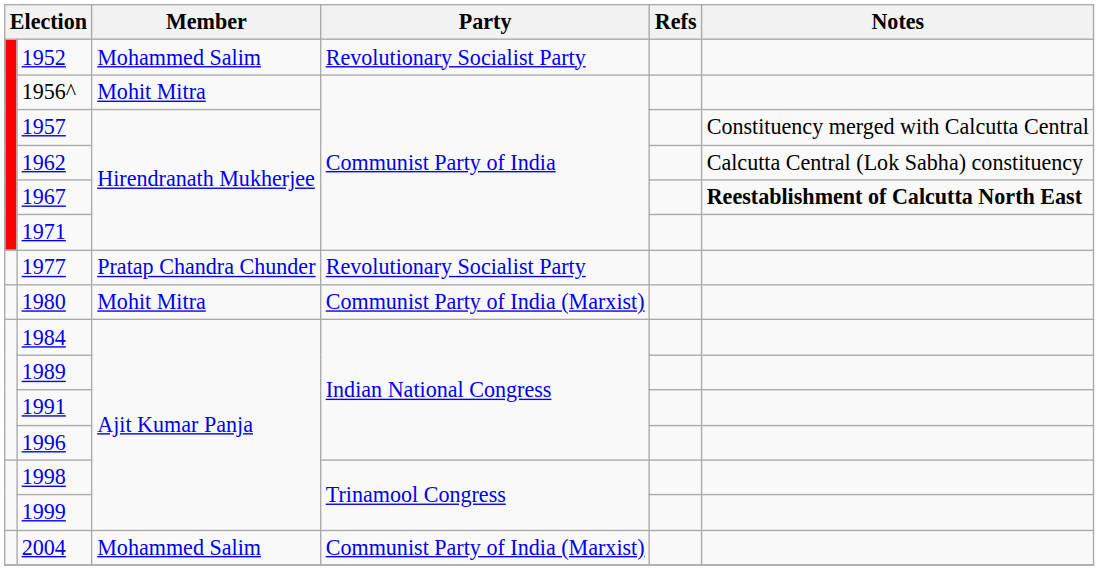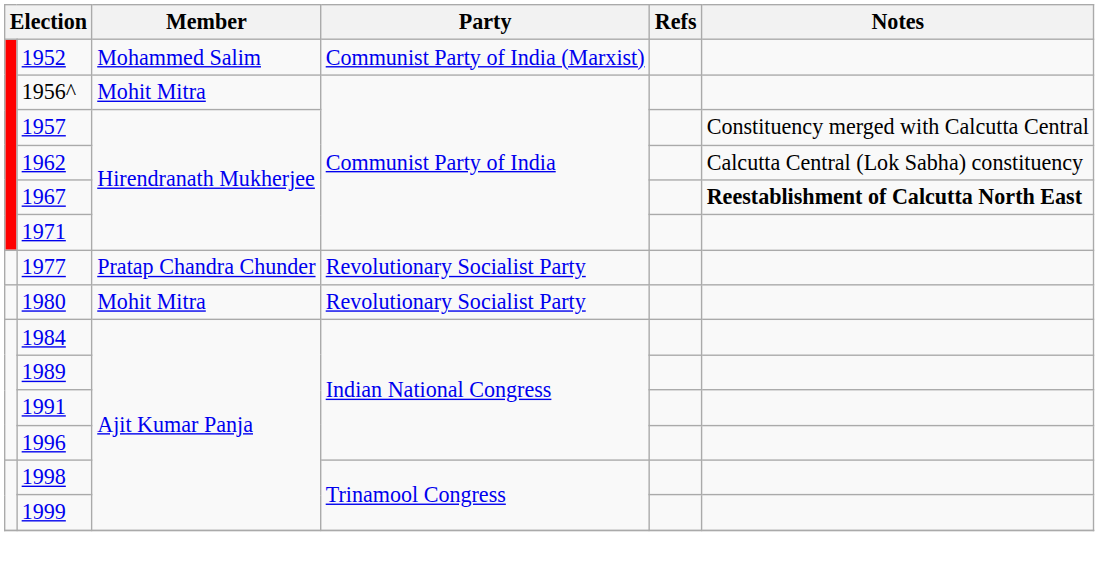 <table class="wikitable">
 <tr>
 <th colspan="2">Election</th>
 <th>Member</th>
 <th>Party</th>
 <th>Refs</th>
 <th>Notes</th>
 </tr>
 <tr>
 <td rowspan="6" style="background-color: red"></td>
 <td><a href='#'>1952</a></td>
 <td><a href='#'>Mohammed Salim</a></td>
-<td><a href='#'>Revolutionary Socialist Party</a></td>
+<td><a href='#'>Communist Party of India (Marxist)</a></td>
 <td></td>
 <td></td>
 </tr>
 <tr>
 <td>1956^</td>
 <td><a href='#'>Mohit Mitra</a></td>
 <td rowspan="5"><a href='#'>Communist Party of India</a></td>
 <td></td>
 <td></td>
 </tr>
 <tr>
 <td><a href='#'>1957</a></td>
 <td rowspan="4"><a href='#'>Hirendranath Mukherjee</a></td>
 <td></td>
 <td>Constituency merged with Calcutta Central</td>
 </tr>
 <tr>
 <td><a href='#'>1962</a></td>
 <td></td>
 <td>Calcutta Central (Lok Sabha) constituency</td>
 </tr>
 <tr>
 <td><a href='#'>1967</a></td>
 <td></td>
 <td><strong>Reestablishment of Calcutta North East</strong></td>
 </tr>
 <tr>
 <td><a href='#'>1971</a></td>
 <td></td>
 <td></td>
 </tr>
 <tr>
 <td style="background-color: "></td>
 <td><a href='#'>1977</a></td>
 <td><a href='#'>Pratap Chandra Chunder</a></td>
 <td><a href='#'>Revolutionary Socialist Party</a></td>
 <td></td>
 <td></td>
 </tr>
 <tr>
 <td style="background-color: "></td>
 <td><a href='#'>1980</a></td>
 <td><a href='#'>Mohit Mitra</a></td>
-<td><a href='#'>Communist Party of India (Marxist)</a></td>
+<td><a href='#'>Revolutionary Socialist Party</a></td>
 <td></td>
 <td></td>
 </tr>
 <tr>
 <td rowspan="4" style="background-color: "></td>
 <td><a href='#'>1984</a></td>
 <td rowspan="6"><a href='#'>Ajit Kumar Panja</a></td>
 <td rowspan="4"><a href='#'>Indian National Congress</a></td>
 <td></td>
 <td></td>
 </tr>
 <tr>
 <td><a href='#'>1989</a></td>
 <td></td>
 <td></td>
 </tr>
 <tr>
 <td><a href='#'>1991</a></td>
 <td></td>
 <td></td>
 </tr>
 <tr>
 <td><a href='#'>1996</a></td>
 <td></td>
 <td></td>
 </tr>
 <tr>
 <td rowspan="2" style="background-color: "></td>
 <td><a href='#'>1998</a></td>
 <td rowspan="2"><a href='#'>Trinamool Congress</a></td>
 <td></td>
 <td></td>
 </tr>
 <tr>
 <td><a href='#'>1999</a></td>
 <td></td>
 <td></td>
 </tr>
 <tr>
-<td style="background-color: "></td>
-<td><a href='#'>2004</a></td>
-<td><a href='#'>Mohammed Salim</a></td>
-<td><a href='#'>Communist Party of India (Marxist)</a></td>
-<td></td>
-<td></td>
-</tr>
-<tr>
 </tr>
 </table>
